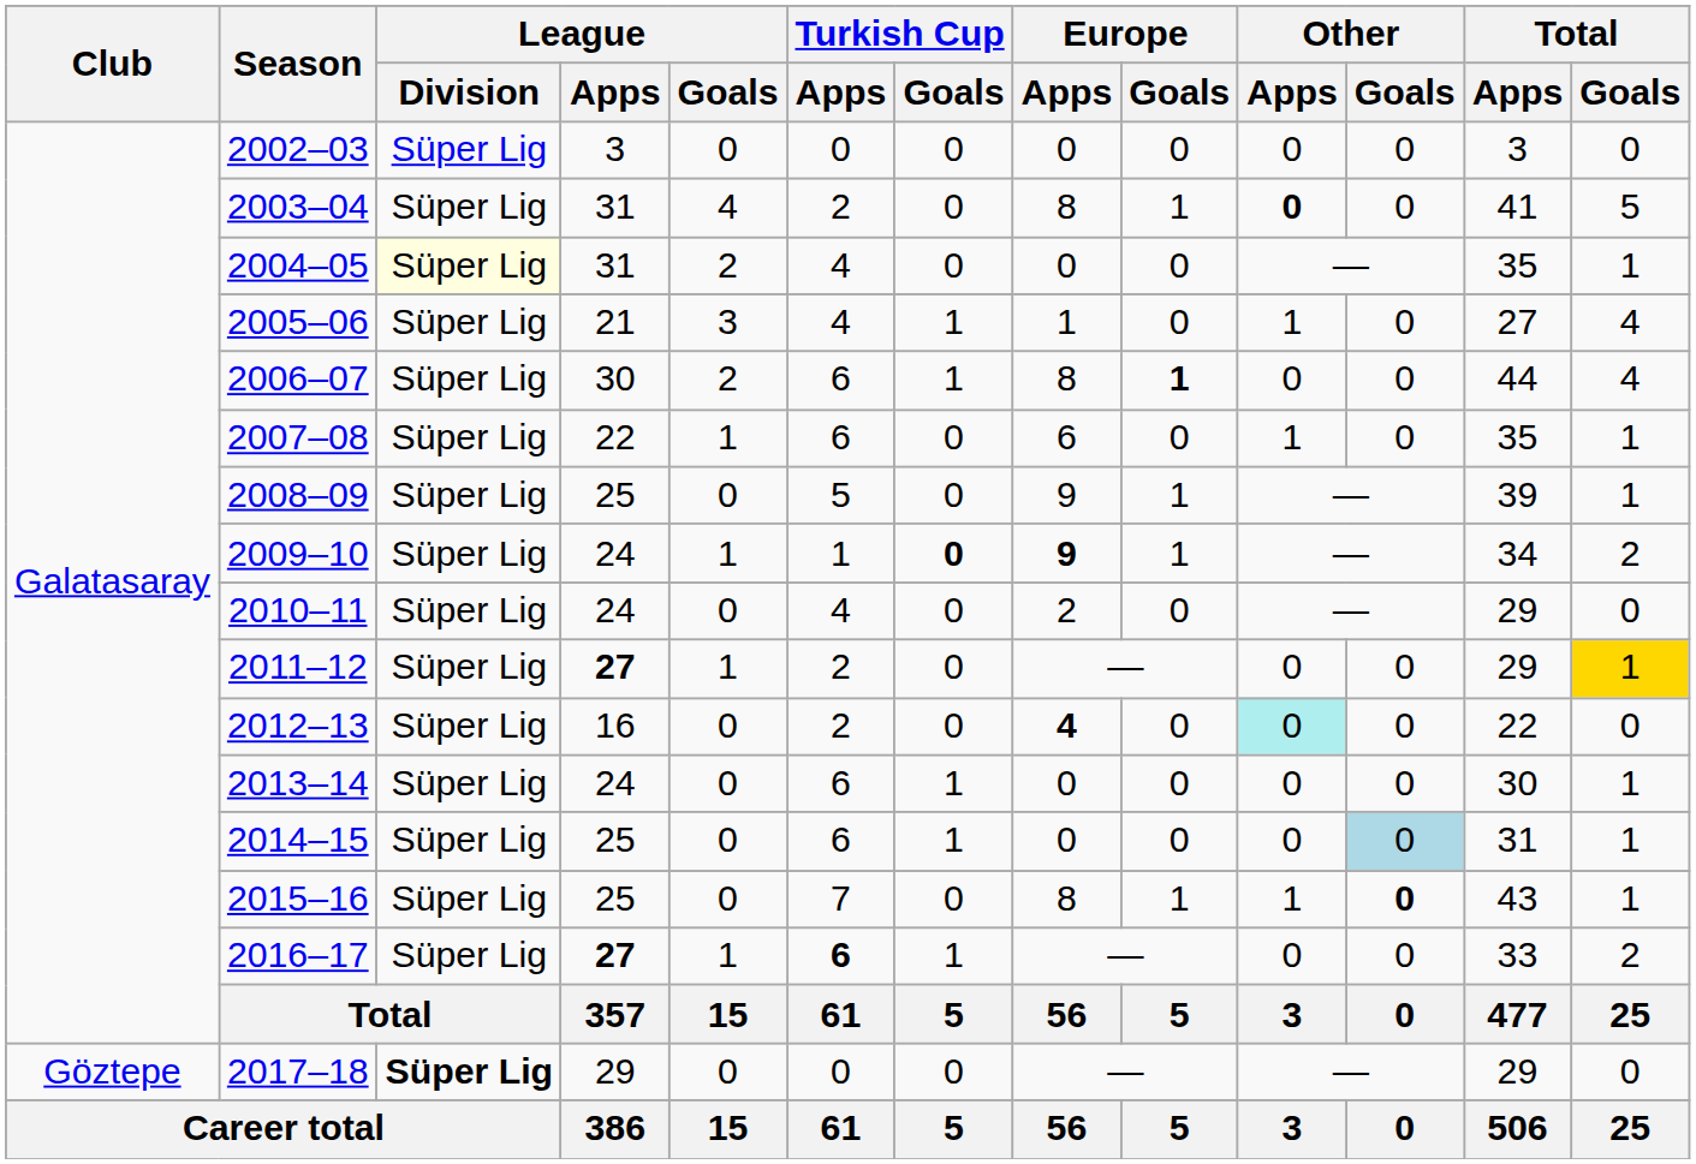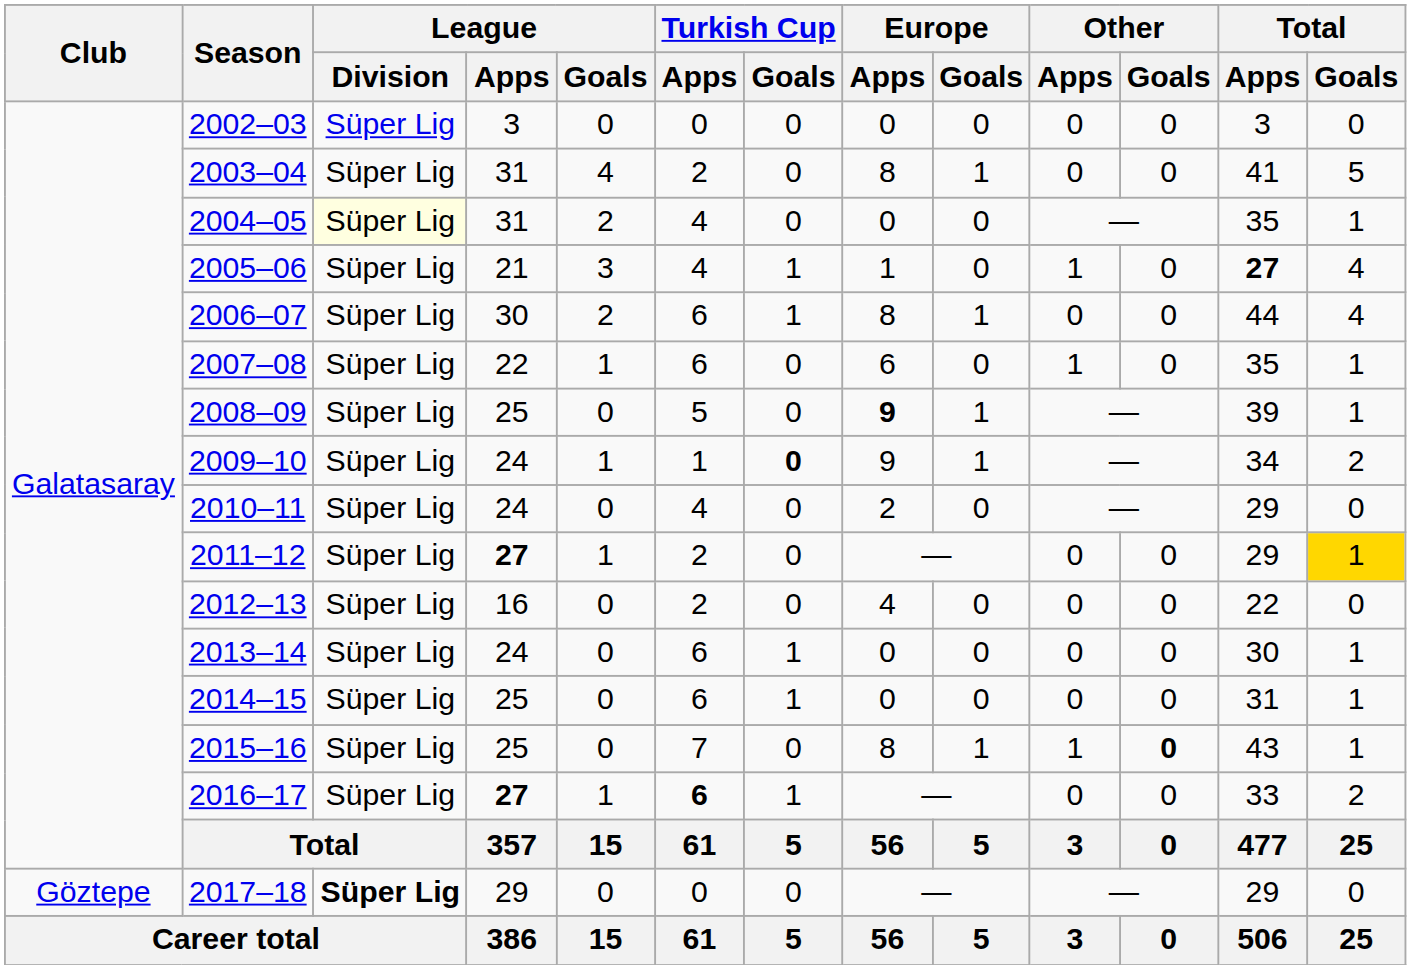 <table class="wikitable" style="text-align:center">
 <tr>
 <th rowspan="2">Club</th>
 <th rowspan="2">Season</th>
 <th colspan="3">League</th>
 <th colspan="2"><a href='#'>Turkish Cup</a></th>
 <th colspan="2">Europe</th>
 <th colspan="2">Other</th>
 <th colspan="2">Total</th>
 </tr>
 <tr>
 <th>Division</th>
 <th>Apps</th>
 <th>Goals</th>
 <th>Apps</th>
 <th>Goals</th>
 <th>Apps</th>
 <th>Goals</th>
 <th>Apps</th>
 <th>Goals</th>
 <th>Apps</th>
 <th>Goals</th>
 </tr>
 <tr>
 <td rowspan="16"><a href='#'>Galatasaray</a></td>
 <td><a href='#'>2002–03</a></td>
 <td><a href='#'>Süper Lig</a></td>
 <td>3</td>
 <td>0</td>
 <td>0</td>
 <td>0</td>
 <td>0</td>
 <td>0</td>
 <td>0</td>
 <td>0</td>
 <td>3</td>
 <td>0</td>
 </tr>
 <tr>
 <td><a href='#'>2003–04</a></td>
 <td>Süper Lig</td>
 <td>31</td>
 <td>4</td>
 <td>2</td>
 <td>0</td>
 <td>8</td>
 <td>1</td>
-<td><strong>0</strong></td>
+<td>0</td>
 <td>0</td>
 <td>41</td>
 <td>5</td>
 </tr>
 <tr>
 <td><a href='#'>2004–05</a></td>
 <td style="background: lightyellow;">Süper Lig</td>
 <td>31</td>
 <td>2</td>
 <td>4</td>
 <td>0</td>
 <td>0</td>
 <td>0</td>
 <td colspan="2">—</td>
 <td>35</td>
 <td>1</td>
 </tr>
 <tr>
 <td><a href='#'>2005–06</a></td>
 <td>Süper Lig</td>
 <td>21</td>
 <td>3</td>
 <td>4</td>
 <td>1</td>
 <td>1</td>
 <td>0</td>
 <td>1</td>
 <td>0</td>
-<td>27</td>
+<td><strong>27</strong></td>
 <td>4</td>
 </tr>
 <tr>
 <td><a href='#'>2006–07</a></td>
 <td>Süper Lig</td>
 <td>30</td>
 <td>2</td>
 <td>6</td>
 <td>1</td>
 <td>8</td>
-<td><strong>1</strong></td>
+<td>1</td>
 <td>0</td>
 <td>0</td>
 <td>44</td>
 <td>4</td>
 </tr>
 <tr>
 <td><a href='#'>2007–08</a></td>
 <td>Süper Lig</td>
 <td>22</td>
 <td>1</td>
 <td>6</td>
 <td>0</td>
 <td>6</td>
 <td>0</td>
 <td>1</td>
 <td>0</td>
 <td>35</td>
 <td>1</td>
 </tr>
 <tr>
 <td><a href='#'>2008–09</a></td>
 <td>Süper Lig</td>
 <td>25</td>
 <td>0</td>
 <td>5</td>
 <td>0</td>
-<td>9</td>
+<td><strong>9</strong></td>
 <td>1</td>
 <td colspan="2">—</td>
 <td>39</td>
 <td>1</td>
 </tr>
 <tr>
 <td><a href='#'>2009–10</a></td>
 <td>Süper Lig</td>
 <td>24</td>
 <td>1</td>
 <td>1</td>
 <td><strong>0</strong></td>
-<td><strong>9</strong></td>
+<td>9</td>
 <td>1</td>
 <td colspan="2">—</td>
 <td>34</td>
 <td>2</td>
 </tr>
 <tr>
 <td><a href='#'>2010–11</a></td>
 <td>Süper Lig</td>
 <td>24</td>
 <td>0</td>
 <td>4</td>
 <td>0</td>
 <td>2</td>
 <td>0</td>
 <td colspan="2">—</td>
 <td>29</td>
 <td>0</td>
 </tr>
 <tr>
 <td><a href='#'>2011–12</a></td>
 <td>Süper Lig</td>
 <td><strong>27</strong></td>
 <td>1</td>
 <td>2</td>
 <td>0</td>
 <td colspan="2">—</td>
 <td>0</td>
 <td>0</td>
 <td>29</td>
 <td style="background: gold;">1</td>
 </tr>
 <tr>
 <td><a href='#'>2012–13</a></td>
 <td>Süper Lig</td>
 <td>16</td>
 <td>0</td>
 <td>2</td>
 <td>0</td>
-<td><strong>4</strong></td>
+<td>4</td>
 <td>0</td>
-<td style="background: paleturquoise;">0</td>
+<td>0</td>
 <td>0</td>
 <td>22</td>
 <td>0</td>
 </tr>
 <tr>
 <td><a href='#'>2013–14</a></td>
 <td>Süper Lig</td>
 <td>24</td>
 <td>0</td>
 <td>6</td>
 <td>1</td>
 <td>0</td>
 <td>0</td>
 <td>0</td>
 <td>0</td>
 <td>30</td>
 <td>1</td>
 </tr>
 <tr>
 <td><a href='#'>2014–15</a></td>
 <td>Süper Lig</td>
 <td>25</td>
 <td>0</td>
 <td>6</td>
 <td>1</td>
 <td>0</td>
 <td>0</td>
 <td>0</td>
-<td style="background: lightblue;">0</td>
+<td>0</td>
 <td>31</td>
 <td>1</td>
 </tr>
 <tr>
 <td><a href='#'>2015–16</a></td>
 <td>Süper Lig</td>
 <td>25</td>
 <td>0</td>
 <td>7</td>
 <td>0</td>
 <td>8</td>
 <td>1</td>
 <td>1</td>
 <td><strong>0</strong></td>
 <td>43</td>
 <td>1</td>
 </tr>
 <tr>
 <td><a href='#'>2016–17</a></td>
 <td>Süper Lig</td>
 <td><strong>27</strong></td>
 <td>1</td>
 <td><strong>6</strong></td>
 <td>1</td>
 <td colspan="2">—</td>
 <td>0</td>
 <td>0</td>
 <td>33</td>
 <td>2</td>
 </tr>
 <tr>
 <th colspan="2">Total</th>
 <th>357</th>
 <th>15</th>
 <th>61</th>
 <th>5</th>
 <th>56</th>
 <th>5</th>
 <th>3</th>
 <th>0</th>
 <th>477</th>
 <th>25</th>
 </tr>
 <tr>
 <td><a href='#'>Göztepe</a></td>
 <td><a href='#'>2017–18</a></td>
 <td><strong>Süper Lig</strong></td>
 <td>29</td>
 <td>0</td>
 <td>0</td>
 <td>0</td>
 <td colspan="2">—</td>
 <td colspan="2">—</td>
 <td>29</td>
 <td>0</td>
 </tr>
 <tr>
 <th colspan="3">Career total</th>
 <th>386</th>
 <th>15</th>
 <th>61</th>
 <th>5</th>
 <th>56</th>
 <th>5</th>
 <th>3</th>
 <th>0</th>
 <th>506</th>
 <th>25</th>
 </tr>
 </table>
